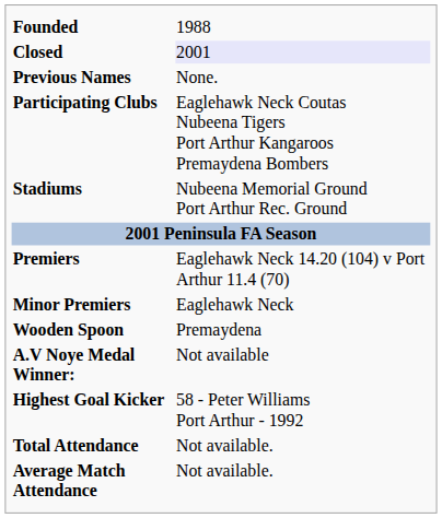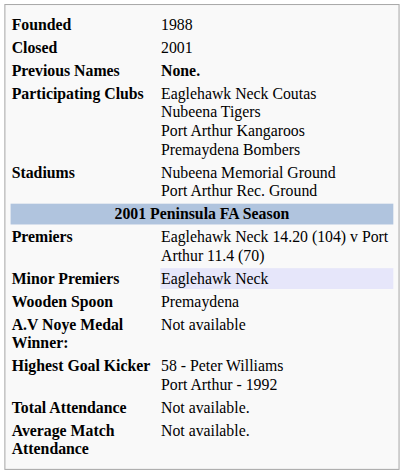 <table class="infobox" style="width: 25em; font-size: 95%;">
 <tr>
 <td align="center" colspan="2"></td>
 </tr>
 <tr style="vertical-align: top;">
 <td><strong>Founded</strong></td>
 <td>1988</td>
 </tr>
 <tr>
 <td><strong>Closed</strong></td>
-<td style="background: lavender;">2001</td>
+<td>2001</td>
 </tr>
 <tr>
 <td><strong>Previous Names</strong></td>
-<td>None.</td>
+<td><strong>None.</strong></td>
 </tr>
 <tr>
 <td><strong>Participating Clubs</strong></td>
 <td>Eaglehawk Neck Coutas<br>Nubeena Tigers<br>Port Arthur Kangaroos<br>Premaydena Bombers<br></td>
 </tr>
 <tr>
 <td><strong>Stadiums</strong></td>
 <td>Nubeena Memorial Ground<br>Port Arthur Rec. Ground<br></td>
 </tr>
 <tr>
 <th colspan="2" bgcolor="#b0c4de"><strong>2001 Peninsula FA Season</strong></th>
 </tr>
 <tr style="vertical-align: top;">
 <td><strong>Premiers</strong></td>
 <td>Eaglehawk Neck 14.20 (104) v Port Arthur 11.4 (70)</td>
 </tr>
 <tr>
 <td><strong>Minor Premiers</strong></td>
-<td>Eaglehawk Neck</td>
+<td style="background: lavender;">Eaglehawk Neck</td>
 </tr>
 <tr>
 <td><strong>Wooden Spoon</strong></td>
 <td>Premaydena</td>
 </tr>
 <tr>
 <td><strong>A.V Noye Medal Winner:</strong></td>
 <td>Not available</td>
 </tr>
 <tr>
 <td><strong>Highest Goal Kicker</strong></td>
 <td>58 - Peter Williams<br>Port Arthur - 1992</td>
 </tr>
 <tr>
 <td><strong>Total Attendance</strong></td>
 <td>Not available.</td>
 </tr>
 <tr>
 <td><strong>Average Match Attendance</strong></td>
 <td>Not available.</td>
 </tr>
 <tr>
 </tr>
 <tr style="vertical-align: top;">
 </tr>
 </table>
